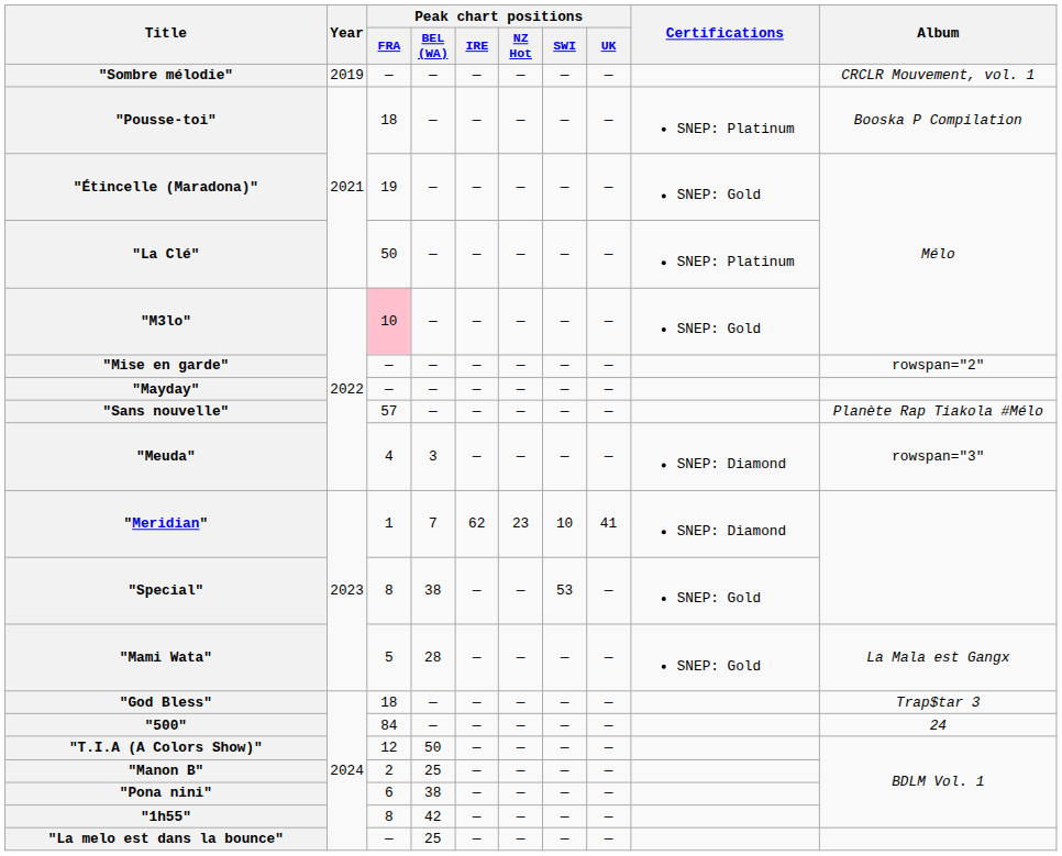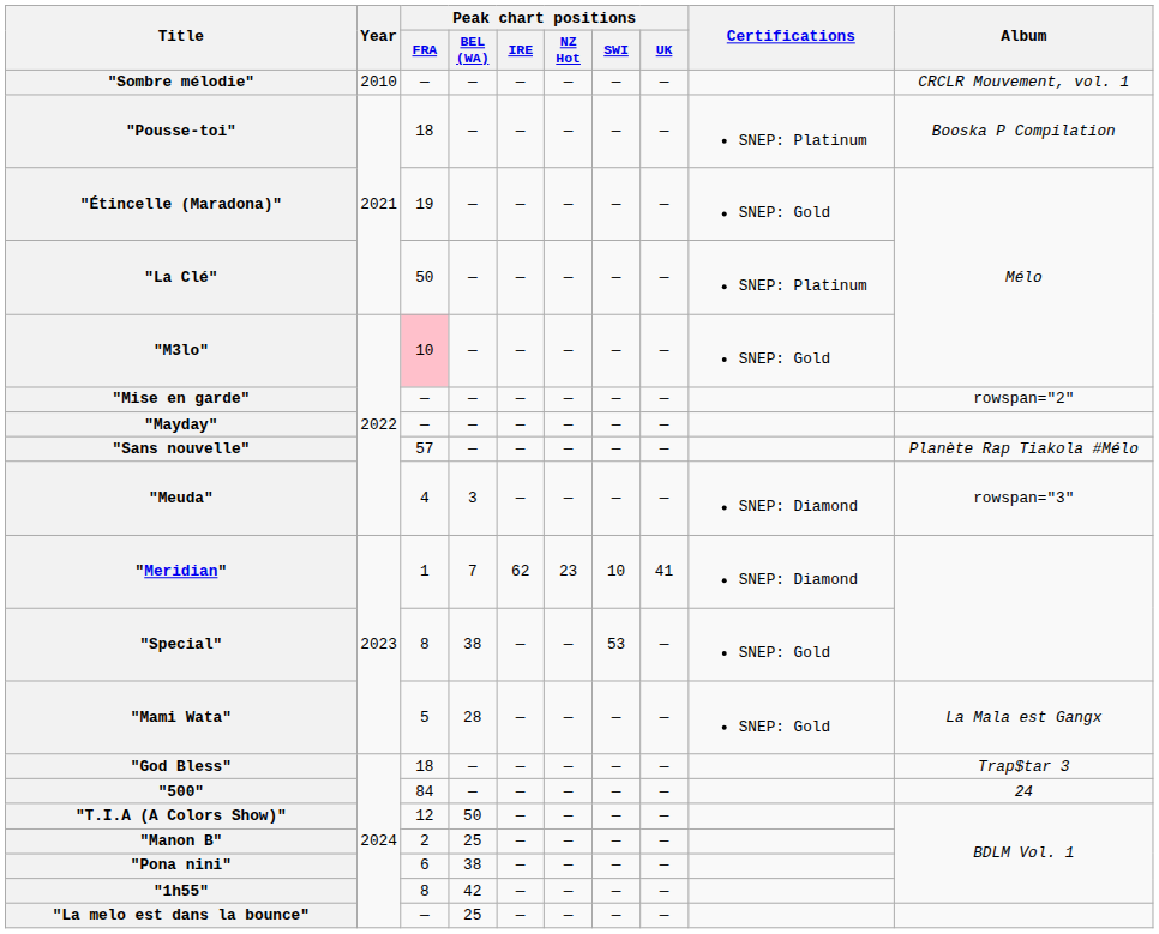 <table class="wikitable plainrowheaders" style="text-align:center;">
 <tr>
 <th scope="col" rowspan="2" style="width:22.5em;">Title</th>
 <th scope="col" rowspan="2" style="width:1em;">Year</th>
 <th scope="col" colspan="6">Peak chart positions</th>
 <th scope="col" rowspan="2" style="width:13em;"><a href='#'>Certifications</a></th>
 <th scope="col" rowspan="2" style="width:16.5em;">Album</th>
 </tr>
 <tr>
 <th scope="col" style="width:3em;font-size:90%"><a href='#'>FRA</a><br></th>
 <th scope="col" style="width:3em;font-size:90%"><a href='#'>BEL<br>(WA)</a><br></th>
 <th scope="col" style="width:3em;font-size:90%"><a href='#'>IRE</a><br></th>
 <th scope="col" style="width:3em;font-size:90%"><a href='#'>NZ<br>Hot</a><br></th>
 <th scope="col" style="width:3em;font-size:90%"><a href='#'>SWI</a><br></th>
 <th scope="col" style="width:3em;font-size:90%"><a href='#'>UK</a><br></th>
 </tr>
 <tr>
 <th scope="row">"Sombre mélodie"</th>
-<td>2019</td>
+<td>2010</td>
 <td>—</td>
 <td>—</td>
 <td>—</td>
 <td>—</td>
 <td>—</td>
 <td>—</td>
 <td></td>
 <td><em>CRCLR Mouvement, vol. 1</em></td>
 </tr>
 <tr>
 <th scope="row">"Pousse-toi"</th>
 <td rowspan="3">2021</td>
 <td>18</td>
 <td>—</td>
 <td>—</td>
 <td>—</td>
 <td>—</td>
 <td>—</td>
 <td align="left"><br><ul><li>SNEP: Platinum</li></ul></td>
 <td><em>Booska P Compilation</em></td>
 </tr>
 <tr>
 <th scope="row">"Étincelle (Maradona)"</th>
 <td>19</td>
 <td>—</td>
 <td>—</td>
 <td>—</td>
 <td>—</td>
 <td>—</td>
 <td align="left"><br><ul><li>SNEP: Gold</li></ul></td>
 <td rowspan="3"><em>Mélo</em></td>
 </tr>
 <tr>
 <th scope="row">"La Clé"</th>
 <td>50</td>
 <td>—</td>
 <td>—</td>
 <td>—</td>
 <td>—</td>
 <td>—</td>
 <td align="left"><br><ul><li>SNEP: Platinum</li></ul></td>
 </tr>
 <tr>
 <th scope="row">"M3lo"</th>
 <td rowspan="5">2022</td>
 <td style="background: pink;">10</td>
 <td>—</td>
 <td>—</td>
 <td>—</td>
 <td>—</td>
 <td>—</td>
 <td align="left"><br><ul><li>SNEP: Gold</li></ul></td>
 </tr>
 <tr>
 <th scope="row">"Mise en garde"</th>
 <td>—</td>
 <td>—</td>
 <td>—</td>
 <td>—</td>
 <td>—</td>
 <td>—</td>
 <td></td>
 <td>rowspan="2" </td>
 </tr>
 <tr>
 <th scope="row">"Mayday"</th>
 <td>—</td>
 <td>—</td>
 <td>—</td>
 <td>—</td>
 <td>—</td>
 <td>—</td>
 <td></td>
 </tr>
 <tr>
 <th scope="row">"Sans nouvelle"</th>
 <td>57</td>
 <td>—</td>
 <td>—</td>
 <td>—</td>
 <td>—</td>
 <td>—</td>
 <td></td>
 <td><em>Planète Rap Tiakola #Mélo</em></td>
 </tr>
 <tr>
 <th scope="row">"Meuda"</th>
 <td>4</td>
 <td>3</td>
 <td>—</td>
 <td>—</td>
 <td>—</td>
 <td>—</td>
 <td align="left"><br><ul><li>SNEP: Diamond</li></ul></td>
 <td>rowspan="3" </td>
 </tr>
 <tr>
 <th scope="row">"<a href='#'>Meridian</a>"<br></th>
 <td rowspan="3">2023</td>
 <td>1</td>
 <td>7</td>
 <td>62</td>
 <td>23</td>
 <td>10</td>
 <td>41</td>
 <td align="left"><br><ul><li>SNEP: Diamond</li></ul></td>
 </tr>
 <tr>
 <th scope="row">"Special"<br></th>
 <td>8</td>
 <td>38</td>
 <td>—</td>
 <td>—</td>
 <td>53</td>
 <td>—</td>
 <td align="left"><br><ul><li>SNEP: Gold</li></ul></td>
 </tr>
 <tr>
 <th scope="row">"Mami Wata"<br></th>
 <td>5</td>
 <td>28</td>
 <td>—</td>
 <td>—</td>
 <td>—</td>
 <td>—</td>
 <td align="left"><br><ul><li>SNEP: Gold</li></ul></td>
 <td><em>La Mala est Gangx</em></td>
 </tr>
 <tr>
 <th scope="row">"God Bless"<br></th>
 <td rowspan="7">2024</td>
 <td>18</td>
 <td>—</td>
 <td>—</td>
 <td>—</td>
 <td>—</td>
 <td>—</td>
 <td></td>
 <td><em>Trap$tar 3</em></td>
 </tr>
 <tr>
 <th scope="row">"500"<br></th>
 <td>84</td>
 <td>—</td>
 <td>—</td>
 <td>—</td>
 <td>—</td>
 <td>—</td>
 <td></td>
 <td><em>24</em></td>
 </tr>
 <tr>
 <th scope="row">"T.I.A (A Colors Show)"</th>
 <td>12</td>
 <td>50</td>
 <td>—</td>
 <td>—</td>
 <td>—</td>
 <td>—</td>
 <td></td>
 <td rowspan="4"><em>BDLM Vol. 1</em></td>
 </tr>
 <tr>
 <th scope="row">"Manon B"<br></th>
 <td>2</td>
 <td>25</td>
 <td>—</td>
 <td>—</td>
 <td>—</td>
 <td>—</td>
 <td></td>
 </tr>
 <tr>
 <th scope="row">"Pona nini"<br></th>
 <td>6</td>
 <td>38</td>
 <td>—</td>
 <td>—</td>
 <td>—</td>
 <td>—</td>
 <td></td>
 </tr>
 <tr>
 <th scope="row">"1h55"<br></th>
 <td>8</td>
 <td>42</td>
 <td>—</td>
 <td>—</td>
 <td>—</td>
 <td>—</td>
 <td></td>
 </tr>
 <tr>
 <th scope="row">"La melo est dans la bounce"<br></th>
 <td>—</td>
 <td>25</td>
 <td>—</td>
 <td>—</td>
 <td>—</td>
 <td>—</td>
 <td></td>
 <td></td>
 </tr>
 </table>
